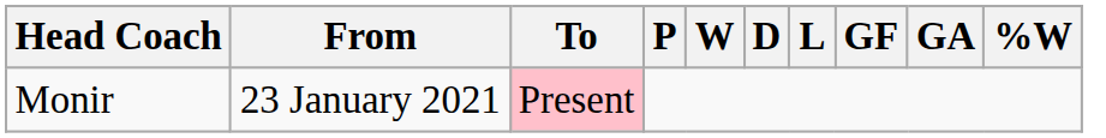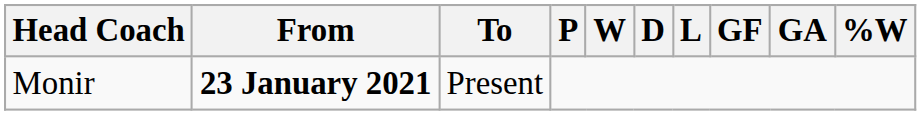 <table class="wikitable sortable" style="text-align:center">
 <tr>
 <th>Head Coach</th>
 <th Class="unsortable">From</th>
 <th Class="unsortable">To</th>
 <th abbr="3">P</th>
 <th abbr="1">W</th>
 <th abbr="1">D</th>
 <th abbr="1">L</th>
 <th abbr="4">GF</th>
 <th abbr="6">GA</th>
 <th abbr="50">%W</th>
 </tr>
 <tr>
 <td align=left> Monir</td>
-<td align=left>23 January 2021</td>
-<td align=left style="background: pink;">Present<br></td>
+<td align=left><strong>23 January 2021</strong></td>
+<td align=left>Present<br></td>
 </tr>
 </table>
